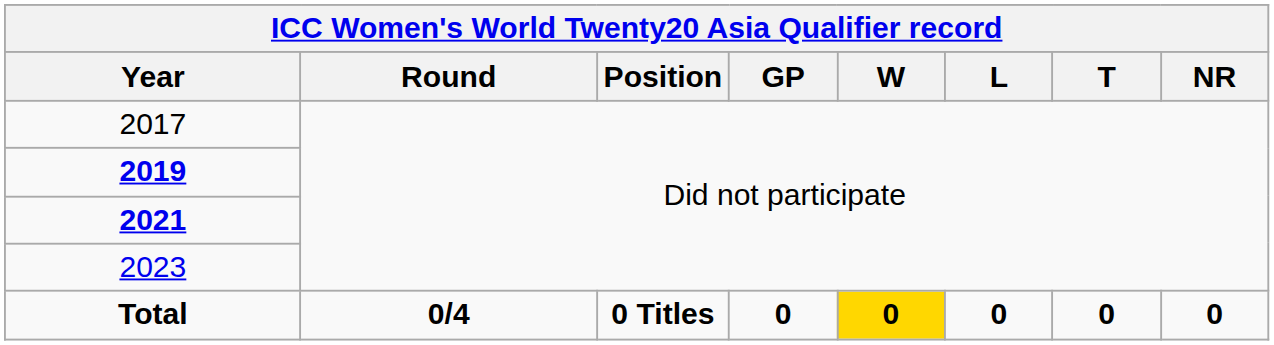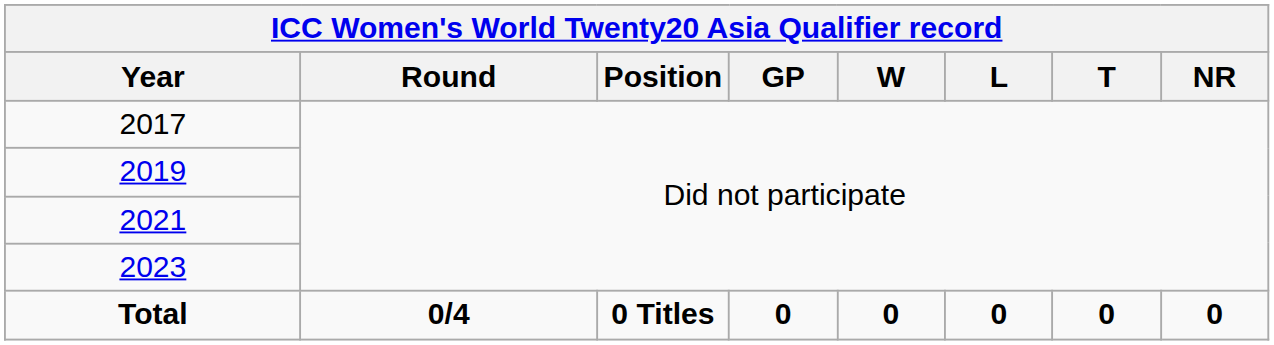 <table class="wikitable" style="text-align: center;">
 <tr>
 <th colspan=8><a href='#'>ICC Women's World Twenty20 Asia Qualifier record</a></th>
 </tr>
 <tr>
 <th width=150>Year</th>
 <th width=150>Round</th>
 <th width=50>Position</th>
 <th width=50>GP</th>
 <th width=50>W</th>
 <th width=50>L</th>
 <th width=50>T</th>
 <th width=50>NR</th>
 </tr>
 <tr>
 <td> 2017</td>
 <td colspan=7  rowspan=4>Did not participate</td>
 </tr>
 <tr>
-<td><strong> <a href='#'>2019</a></strong></td>
+<td> <a href='#'>2019</a></td>
 </tr>
 <tr>
-<td><strong> <a href='#'>2021</a></strong></td>
+<td> <a href='#'>2021</a></td>
 </tr>
 <tr>
 <td> <a href='#'>2023</a></td>
 </tr>
 <tr>
 <td><strong>Total</strong></td>
 <td><strong>0/4</strong></td>
 <td><strong>0 Titles</strong></td>
 <td><strong>0</strong></td>
-<td style="background: gold;"><strong>0</strong></td>
+<td><strong>0</strong></td>
 <td><strong>0</strong></td>
 <td><strong>0</strong></td>
 <td><strong>0</strong></td>
 </tr>
 </table>
